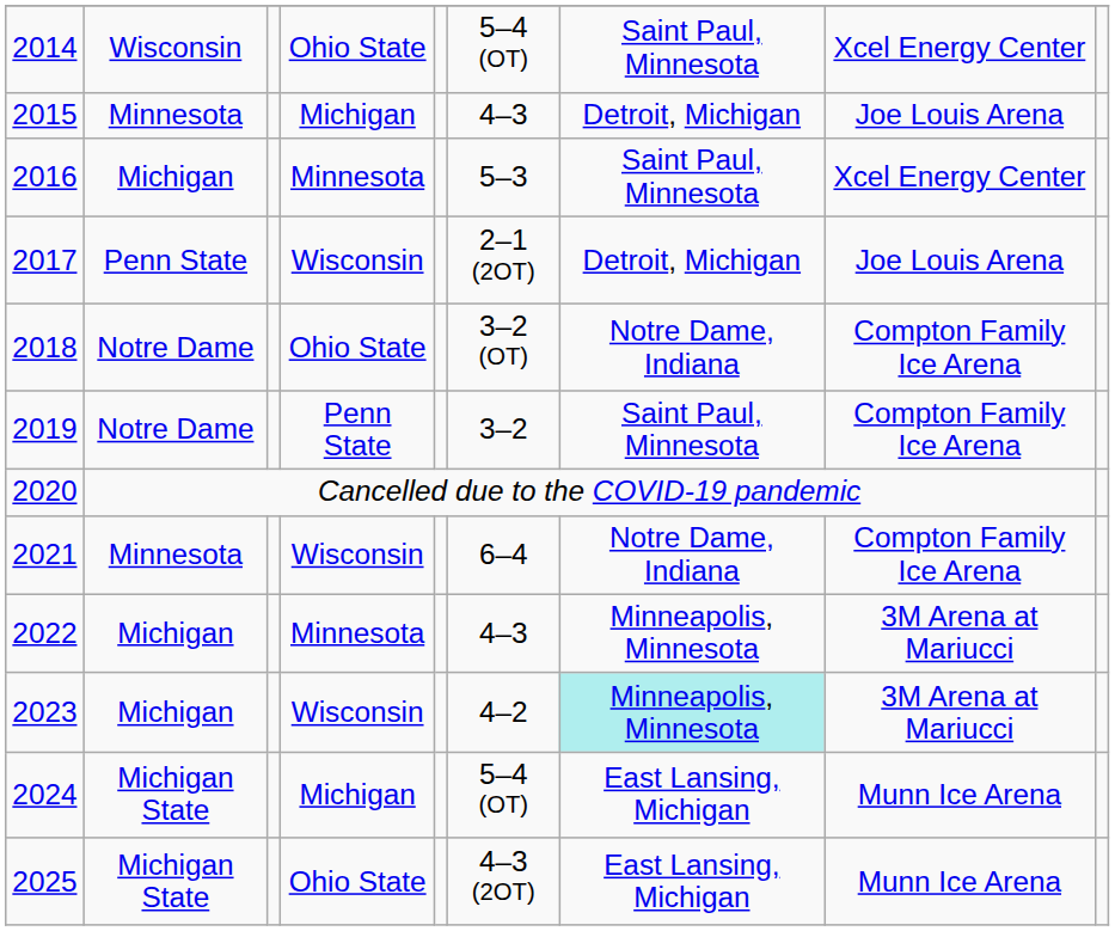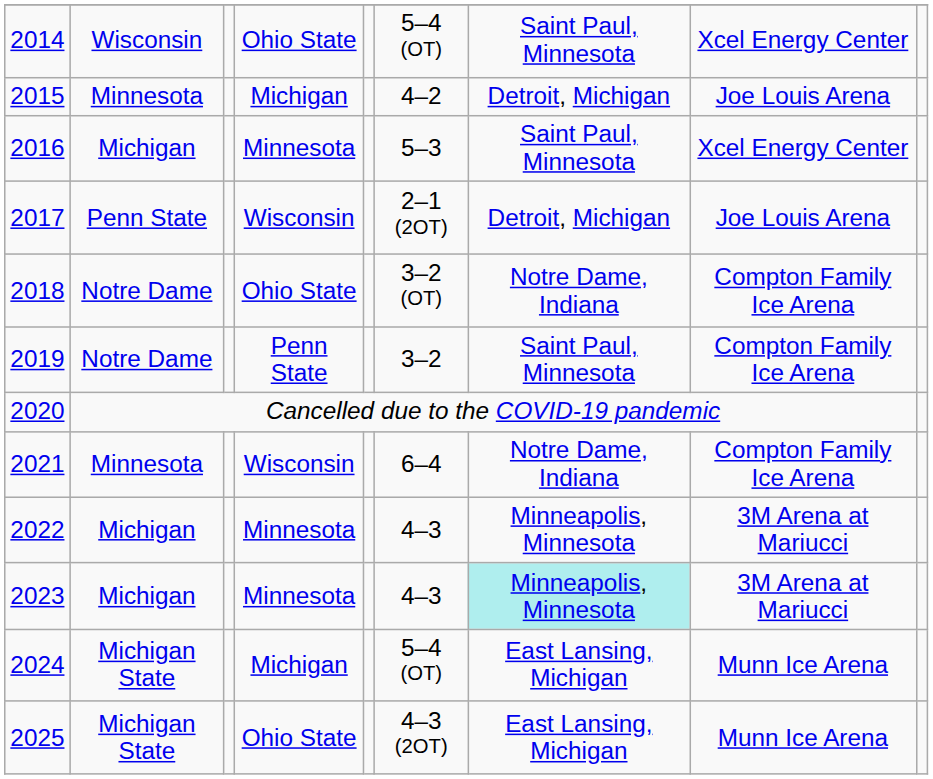 <table class="wikitable sortable" style="text-align: center;">
 <tr>
 </tr>
 <tr>
 <td><a href='#'>2014</a></td>
 <td><a href='#'>Wisconsin</a></td>
 <td></td>
 <td><a href='#'>Ohio State</a></td>
 <td></td>
 <td>5–4 <sup>(OT)</sup></td>
 <td><a href='#'>Saint Paul, Minnesota</a></td>
 <td><a href='#'>Xcel Energy Center</a></td>
 <td align=center></td>
 </tr>
 <tr>
 <td><a href='#'>2015</a></td>
 <td><a href='#'>Minnesota</a></td>
 <td></td>
 <td><a href='#'>Michigan</a></td>
 <td></td>
-<td>4–3</td>
+<td>4–2</td>
 <td><a href='#'>Detroit</a>, <a href='#'>Michigan</a></td>
 <td><a href='#'>Joe Louis Arena</a></td>
 <td align=center></td>
 </tr>
 <tr>
 <td><a href='#'>2016</a></td>
 <td><a href='#'>Michigan</a></td>
 <td></td>
 <td><a href='#'>Minnesota</a></td>
 <td></td>
 <td>5–3</td>
 <td><a href='#'>Saint Paul, Minnesota</a></td>
 <td><a href='#'>Xcel Energy Center</a></td>
 <td align=center></td>
 </tr>
 <tr>
 <td><a href='#'>2017</a></td>
 <td><a href='#'>Penn State</a></td>
 <td></td>
 <td><a href='#'>Wisconsin</a></td>
 <td></td>
 <td>2–1 <sup>(2OT)</sup></td>
 <td><a href='#'>Detroit</a>, <a href='#'>Michigan</a></td>
 <td><a href='#'>Joe Louis Arena</a></td>
 <td align=center></td>
 </tr>
 <tr>
 <td><a href='#'>2018</a></td>
 <td><a href='#'>Notre Dame</a></td>
 <td></td>
 <td><a href='#'>Ohio State</a></td>
 <td></td>
 <td>3–2 <sup>(OT)</sup></td>
 <td><a href='#'>Notre Dame, Indiana</a></td>
 <td><a href='#'>Compton Family Ice Arena</a></td>
 <td align=center></td>
 </tr>
 <tr>
 <td><a href='#'>2019</a></td>
 <td><a href='#'>Notre Dame</a></td>
 <td></td>
 <td><a href='#'>Penn State</a></td>
 <td></td>
 <td>3–2</td>
 <td><a href='#'>Saint Paul, Minnesota</a></td>
 <td><a href='#'>Compton Family Ice Arena</a></td>
 <td align=center></td>
 </tr>
 <tr>
 <td><a href='#'>2020</a></td>
 <td colspan=7 align=center><em>Cancelled due to the <a href='#'>COVID-19 pandemic</a></em></td>
 <td align=center></td>
 </tr>
 <tr>
 <td><a href='#'>2021</a></td>
 <td><a href='#'>Minnesota</a></td>
 <td></td>
 <td><a href='#'>Wisconsin</a></td>
 <td></td>
 <td>6–4</td>
 <td><a href='#'>Notre Dame, Indiana</a></td>
 <td><a href='#'>Compton Family Ice Arena</a></td>
 <td align=center></td>
 </tr>
 <tr>
 <td><a href='#'>2022</a></td>
 <td><a href='#'>Michigan</a></td>
 <td></td>
 <td><a href='#'>Minnesota</a></td>
 <td></td>
 <td>4–3</td>
 <td><a href='#'>Minneapolis</a>, <a href='#'>Minnesota</a></td>
 <td><a href='#'>3M Arena at Mariucci</a></td>
 <td align=center></td>
 </tr>
 <tr>
 <td><a href='#'>2023</a></td>
 <td><a href='#'>Michigan</a></td>
 <td></td>
-<td><a href='#'>Wisconsin</a></td>
+<td><a href='#'>Minnesota</a></td>
 <td></td>
-<td>4–2</td>
+<td>4–3</td>
 <td style="background: paleturquoise;"><a href='#'>Minneapolis</a>, <a href='#'>Minnesota</a></td>
 <td><a href='#'>3M Arena at Mariucci</a></td>
 <td align=center></td>
 </tr>
 <tr>
 <td><a href='#'>2024</a></td>
 <td><a href='#'>Michigan State</a></td>
 <td></td>
 <td><a href='#'>Michigan</a></td>
 <td></td>
 <td>5–4 <sup>(OT)</sup></td>
 <td><a href='#'>East Lansing, Michigan</a></td>
 <td><a href='#'>Munn Ice Arena</a></td>
 <td align=center></td>
 </tr>
 <tr>
 <td><a href='#'>2025</a></td>
 <td><a href='#'>Michigan State</a></td>
 <td></td>
 <td><a href='#'>Ohio State</a></td>
 <td></td>
 <td>4–3 <sup>(2OT)</sup></td>
 <td><a href='#'>East Lansing, Michigan</a></td>
 <td><a href='#'>Munn Ice Arena</a></td>
 <td align=center></td>
 </tr>
 </table>
